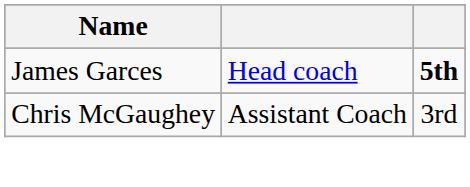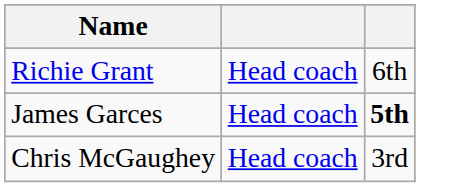 <table class="wikitable" style="font-size: %;">
 <tr>
 <th>Name</th>
 <th></th>
 <th></th>
+</tr>
+<tr>
+<td><a href='#'>Richie Grant</a></td>
+<td><a href='#'>Head coach</a></td>
+<td align=center>6th</td>
 </tr>
 <tr>
 <td>James Garces</td>
 <td><a href='#'>Head coach</a></td>
 <td align=center><strong>5th</strong></td>
 </tr>
 <tr>
 <td>Chris McGaughey</td>
-<td>Assistant Coach</td>
+<td><a href='#'>Head coach</a></td>
 <td align=center>3rd</td>
 </tr>
 </table>
